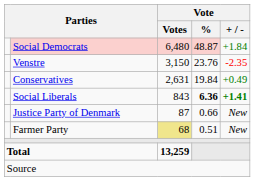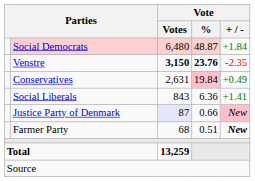 <table class="wikitable" style="text-align:right;">
 <tr>
 <th style="text-align:centre;" rowspan="2" colspan="2" width="225">Parties</th>
 <th colspan="3">Vote</th>
 </tr>
 <tr>
 <th width="15">Votes</th>
 <th width="15">%</th>
 <th width="15">+ / -</th>
 </tr>
 <tr>
 <td width="2" style="color:inherit;background:"></td>
 <td bgcolor=#fbd0ce  align="left"><a href='#'>Social Democrats</a></td>
 <td bgcolor=#fbd0ce>6,480</td>
 <td bgcolor=#fbd0ce>48.87</td>
 <td style=color:green;>+1.84</td>
 </tr>
 <tr>
 <td width="2" style="color:inherit;background:"></td>
 <td align="left"><a href='#'>Venstre</a></td>
-<td>3,150</td>
-<td>23.76</td>
+<td><strong>3,150</strong></td>
+<td><strong>23.76</strong></td>
 <td style=color:red;>-2.35</td>
 </tr>
 <tr>
 <td width="2" style="color:inherit;background:"></td>
 <td align="left"><a href='#'>Conservatives</a></td>
 <td>2,631</td>
-<td>19.84</td>
+<td style="background: pink;">19.84</td>
 <td style=color:green;>+0.49</td>
 </tr>
 <tr>
 <td width="2" style="color:inherit;background:"></td>
 <td align="left"><a href='#'>Social Liberals</a></td>
 <td>843</td>
-<td><strong>6.36</strong></td>
-<td style=color:green;><strong>+1.41</strong></td>
+<td>6.36</td>
+<td style=color:green;>+1.41</td>
 </tr>
 <tr>
 <td width="2" style="color:inherit;background:"></td>
 <td align="left"><a href='#'>Justice Party of Denmark</a></td>
-<td>87</td>
+<td style="background: lavender;">87</td>
 <td>0.66</td>
-<td><em>New</em></td>
+<td style="background: pink;"><em>New</em></td>
 </tr>
 <tr>
 <td width="2" style="color:inherit;background:"></td>
 <td align="left">Farmer Party</td>
-<td style="background: khaki;">68</td>
+<td>68</td>
 <td>0.51</td>
-<td><em>New</em></td>
+<td><strong><em>New</em></strong></td>
 </tr>
 <tr>
 <td colspan="7" bgcolor="#E9E9E9"></td>
 </tr>
 <tr>
 <td align="left" colspan="2"><strong>Total</strong></td>
 <td><strong>13,259</strong></td>
 <td bgcolor="#E9E9E9" colspan="2"></td>
 </tr>
 <tr>
 <td align="left" colspan="6">Source</td>
 </tr>
 </table>
